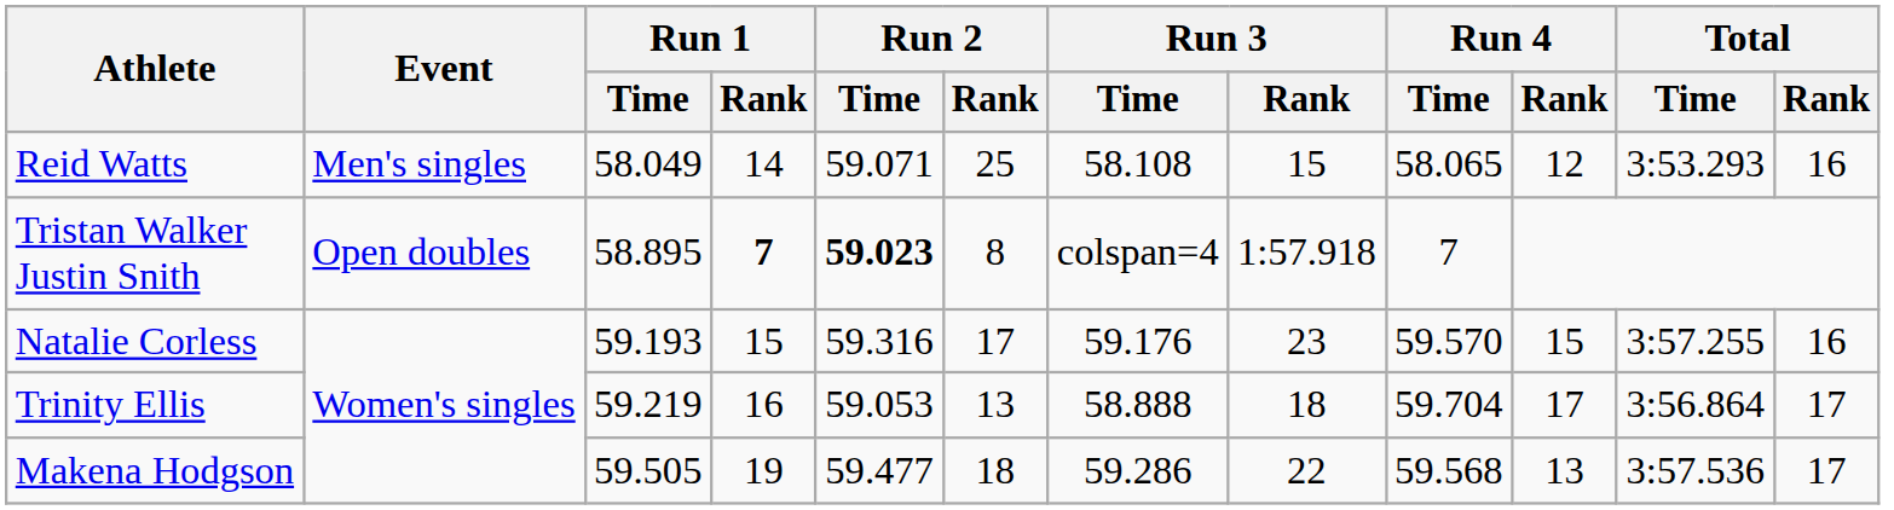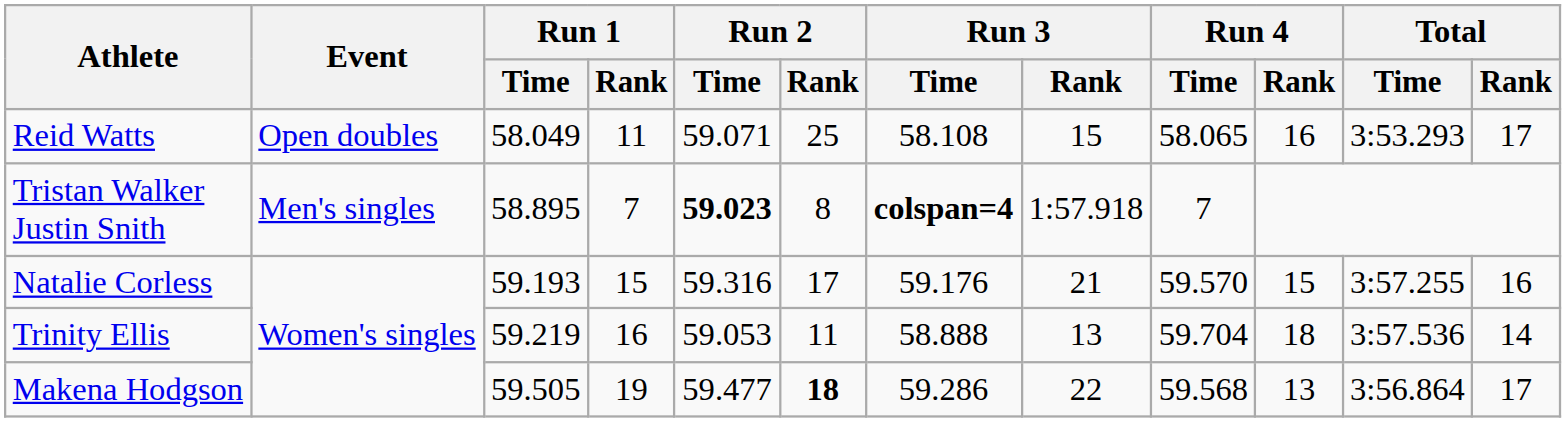 <table class=wikitable style=font-size:90%;text-align:center>
 <tr>
 <th rowspan=2>Athlete</th>
 <th rowspan=2>Event</th>
 <th colspan=2>Run 1</th>
 <th colspan=2>Run 2</th>
 <th colspan=2>Run 3</th>
 <th colspan=2>Run 4</th>
 <th colspan=2>Total</th>
 </tr>
 <tr style=font-size:95%>
 <th>Time</th>
 <th>Rank</th>
 <th>Time</th>
 <th>Rank</th>
 <th>Time</th>
 <th>Rank</th>
 <th>Time</th>
 <th>Rank</th>
 <th>Time</th>
 <th>Rank</th>
 </tr>
 <tr>
 <td align=left><a href='#'>Reid Watts</a></td>
-<td align=left><a href='#'>Men's singles</a></td>
+<td align=left><a href='#'>Open doubles</a></td>
 <td>58.049</td>
-<td>14</td>
+<td>11</td>
 <td>59.071</td>
 <td>25</td>
 <td>58.108</td>
 <td>15</td>
 <td>58.065</td>
-<td>12</td>
+<td>16</td>
 <td>3:53.293</td>
-<td>16</td>
+<td>17</td>
 </tr>
 <tr>
 <td align=left><a href='#'>Tristan Walker</a><br><a href='#'>Justin Snith</a></td>
-<td align=left><a href='#'>Open doubles</a></td>
+<td align=left><a href='#'>Men's singles</a></td>
 <td>58.895</td>
-<td><strong>7</strong></td>
+<td>7</td>
 <td><strong>59.023</strong></td>
 <td>8</td>
-<td>colspan=4 </td>
+<td><strong>colspan=4 </strong></td>
 <td>1:57.918</td>
 <td>7</td>
 </tr>
 <tr>
 <td align=left><a href='#'>Natalie Corless</a></td>
 <td align=left rowspan=3><a href='#'>Women's singles</a></td>
 <td>59.193</td>
 <td>15</td>
 <td>59.316</td>
 <td>17</td>
 <td>59.176</td>
-<td>23</td>
+<td>21</td>
 <td>59.570</td>
 <td>15</td>
 <td>3:57.255</td>
 <td>16</td>
 </tr>
 <tr>
 <td align=left><a href='#'>Trinity Ellis</a></td>
 <td>59.219</td>
 <td>16</td>
 <td>59.053</td>
+<td>11</td>
+<td>58.888</td>
 <td>13</td>
-<td>58.888</td>
+<td>59.704</td>
 <td>18</td>
-<td>59.704</td>
-<td>17</td>
-<td>3:56.864</td>
-<td>17</td>
+<td>3:57.536</td>
+<td>14</td>
 </tr>
 <tr>
 <td align=left><a href='#'>Makena Hodgson</a></td>
 <td>59.505</td>
 <td>19</td>
 <td>59.477</td>
-<td>18</td>
+<td><strong>18</strong></td>
 <td>59.286</td>
 <td>22</td>
 <td>59.568</td>
 <td>13</td>
-<td>3:57.536</td>
+<td>3:56.864</td>
 <td>17</td>
 </tr>
 </table>
